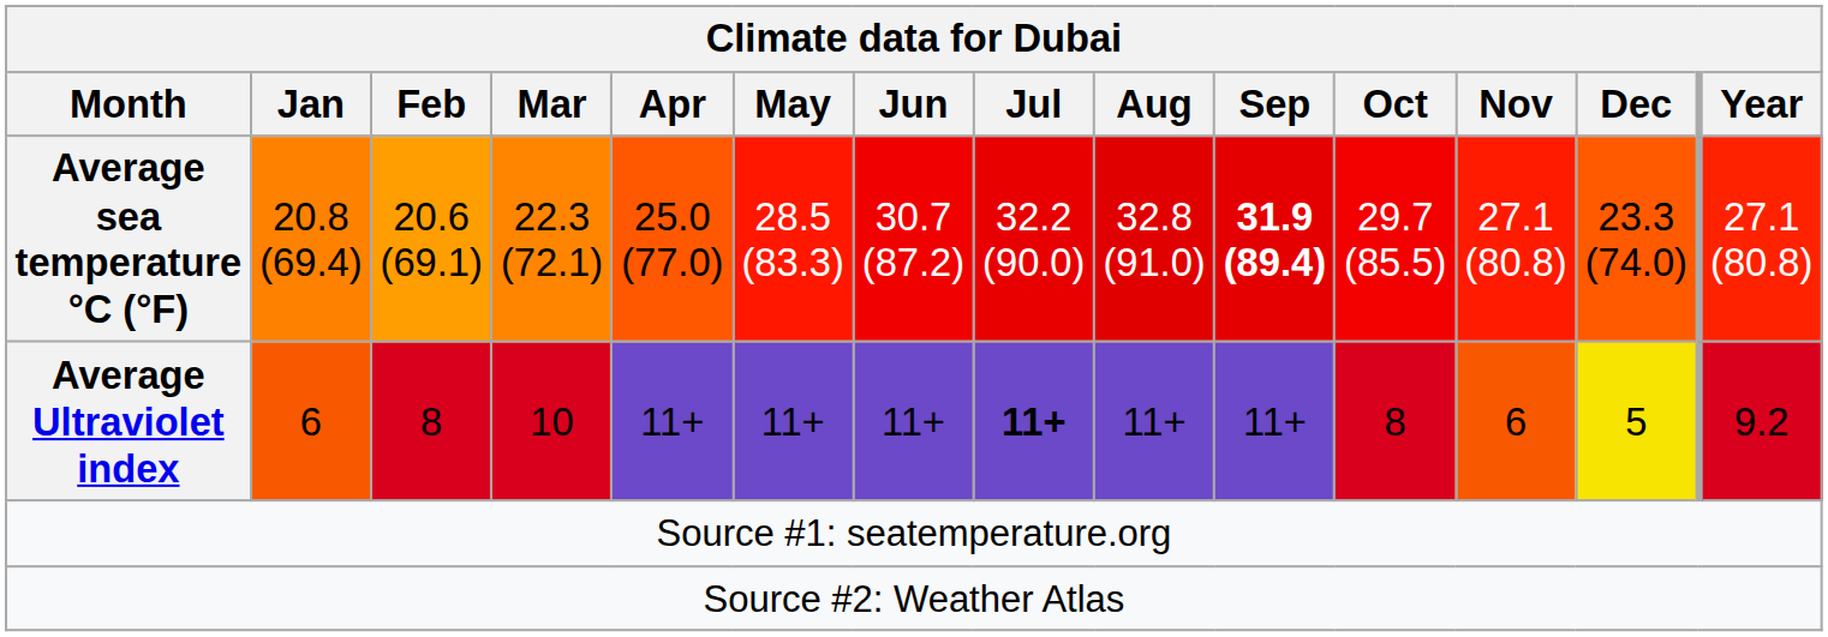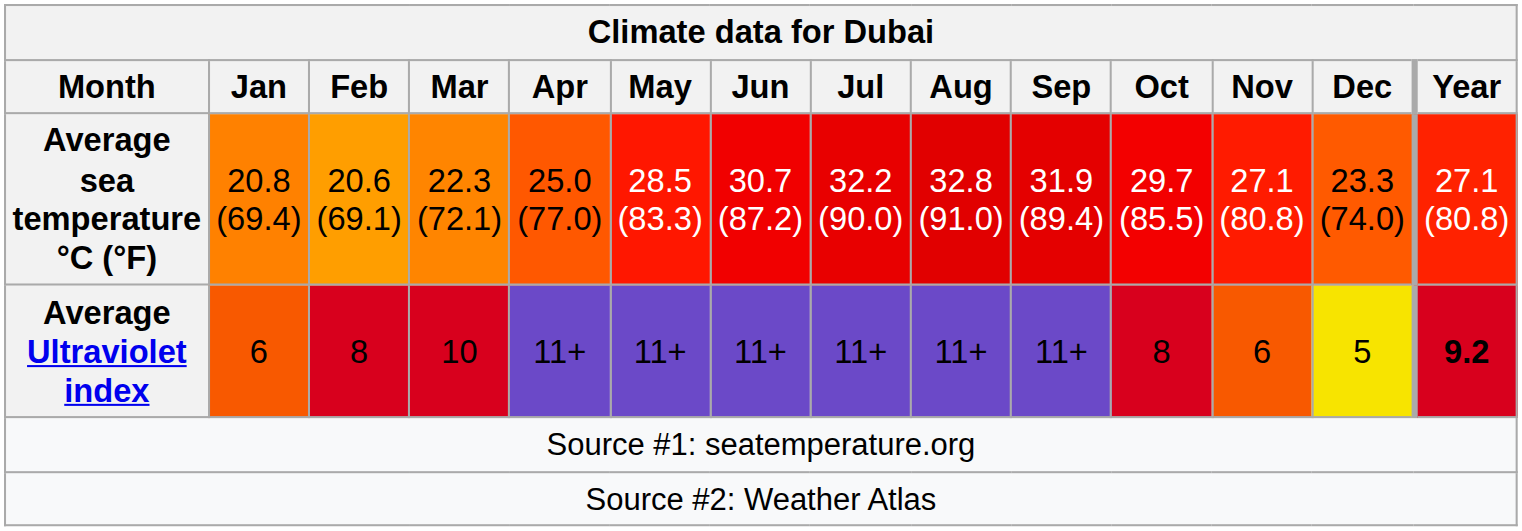 <table style="width:100%;text-align:center;line-height:1.2em;margin-left:auto;margin-right:auto" class="wikitable mw-collapsible">
 <tr>
 <th colspan="14">Climate data for Dubai</th>
 </tr>
 <tr>
 <th>Month</th>
 <th>Jan</th>
 <th>Feb</th>
 <th>Mar</th>
 <th>Apr</th>
 <th>May</th>
 <th>Jun</th>
 <th>Jul</th>
 <th>Aug</th>
 <th>Sep</th>
 <th>Oct</th>
 <th>Nov</th>
 <th>Dec</th>
 <th style="border-left-width:medium">Year</th>
 </tr>
 <tr>
 <th>Average sea temperature °C (°F)</th>
 <td style="background:#ff8100; color:#000;">20.8<br>(69.4)</td>
 <td style="background:#ff9e00; color:#000;">20.6<br>(69.1)</td>
 <td style="background:#ff8500; color:#000;">22.3<br>(72.1)</td>
 <td style="background:#ff5800; color:#000;">25.0<br>(77.0)</td>
 <td style="background:#ff1700; color:#fff;">28.5<br>(83.3)</td>
 <td style="background:#f10000; color:#fff;">30.7<br>(87.2)</td>
 <td style="background:#e80000; color:#fff;">32.2<br>(90.0)</td>
 <td style="background:#e10000; color:#fff;">32.8<br>(91.0)</td>
-<td style="background:#e40000; color:#fff;"><strong>31.9<br>(89.4)</strong></td>
+<td style="background:#e40000; color:#fff;">31.9<br>(89.4)</td>
 <td style="background:#f30000; color:#fff;">29.7<br>(85.5)</td>
 <td style="background:#ff1b00; color:#fff;">27.1<br>(80.8)</td>
 <td style="background:#ff5a00; color:#000;">23.3<br>(74.0)</td>
 <td style="background:#f20; color:#fff; border-left-width:medium;">27.1<br>(80.8)</td>
 </tr>
 <tr>
 <th>Average <a href='#'>Ultraviolet index</a></th>
 <td style="background:#f85900; color:#000;">6</td>
 <td style="background:#d8001d; color:#000;">8</td>
 <td style="background:#d8001d; color:#000;">10</td>
 <td style="background:#6b49c8; color:#000;">11+</td>
 <td style="background:#6b49c8; color:#000;">11+</td>
 <td style="background:#6b49c8; color:#000;">11+</td>
-<td style="background:#6b49c8; color:#000;"><strong>11+</strong></td>
+<td style="background:#6b49c8; color:#000;">11+</td>
 <td style="background:#6b49c8; color:#000;">11+</td>
 <td style="background:#6b49c8; color:#000;">11+</td>
 <td style="background:#d8001d; color:#000;">8</td>
 <td style="background:#f85900; color:#000;">6</td>
 <td style="background:#f7e400; color:#000;">5</td>
-<td style="background:#d8001d; color:#000; border-left-width:medium;">9.2</td>
+<td style="background:#d8001d; color:#000; border-left-width:medium;"><strong>9.2</strong></td>
 </tr>
 <tr>
 <th colspan="14" style="background:#F8F9FA;font-weight:normal;font-size:95%;">Source #1: seatemperature.org</th>
 </tr>
 <tr>
 <th colspan="14" style="background:#F8F9FA;font-weight:normal;font-size:95%;">Source #2: Weather Atlas</th>
 </tr>
 </table>
